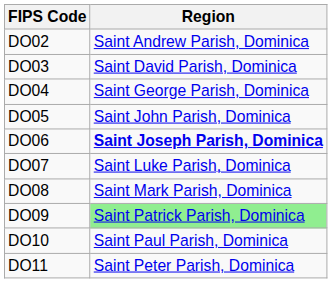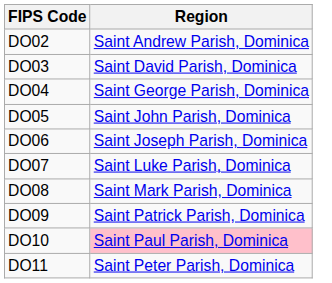 <table class="wikitable">
 <tr>
 <th>FIPS Code</th>
 <th>Region</th>
 </tr>
 <tr>
 <td>DO02</td>
 <td><a href='#'>Saint Andrew Parish, Dominica</a></td>
 </tr>
 <tr>
 <td>DO03</td>
 <td><a href='#'>Saint David Parish, Dominica</a></td>
 </tr>
 <tr>
 <td>DO04</td>
 <td><a href='#'>Saint George Parish, Dominica</a></td>
 </tr>
 <tr>
 <td>DO05</td>
 <td><a href='#'>Saint John Parish, Dominica</a></td>
 </tr>
 <tr>
 <td>DO06</td>
-<td><strong><a href='#'>Saint Joseph Parish, Dominica</a></strong></td>
+<td><a href='#'>Saint Joseph Parish, Dominica</a></td>
 </tr>
 <tr>
 <td>DO07</td>
 <td><a href='#'>Saint Luke Parish, Dominica</a></td>
 </tr>
 <tr>
 <td>DO08</td>
 <td><a href='#'>Saint Mark Parish, Dominica</a></td>
 </tr>
 <tr>
 <td>DO09</td>
-<td style="background: lightgreen;"><a href='#'>Saint Patrick Parish, Dominica</a></td>
+<td><a href='#'>Saint Patrick Parish, Dominica</a></td>
 </tr>
 <tr>
 <td>DO10</td>
-<td><a href='#'>Saint Paul Parish, Dominica</a></td>
+<td style="background: pink;"><a href='#'>Saint Paul Parish, Dominica</a></td>
 </tr>
 <tr>
 <td>DO11</td>
 <td><a href='#'>Saint Peter Parish, Dominica</a></td>
 </tr>
 </table>
